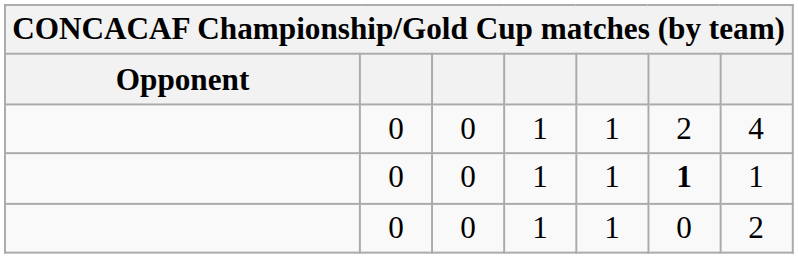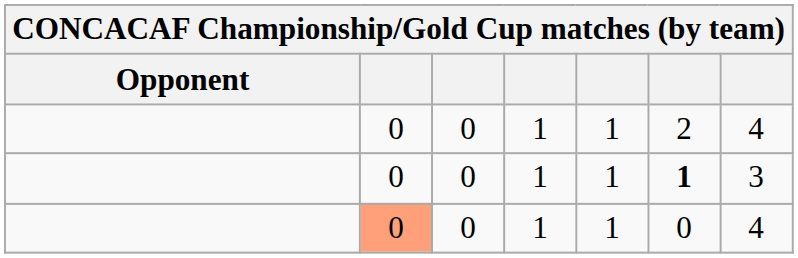 <table class="wikitable sortable" style="text-align: center;">
 <tr>
 <th colspan=7>CONCACAF Championship/Gold Cup matches (by team)</th>
 </tr>
 <tr>
 <th>Opponent</th>
 <th></th>
 <th></th>
 <th></th>
 <th></th>
 <th></th>
 <th></th>
 </tr>
 <tr>
 <td align="left"></td>
 <td>0</td>
 <td>0</td>
 <td>1</td>
 <td>1</td>
 <td>2</td>
 <td>4</td>
 </tr>
 <tr>
 <td align="left"></td>
 <td>0</td>
 <td>0</td>
 <td>1</td>
 <td>1</td>
 <td><strong>1</strong></td>
-<td>1</td>
+<td>3</td>
 </tr>
 <tr>
 <td align="left"></td>
-<td>0</td>
+<td style="background: lightsalmon;">0</td>
 <td>0</td>
 <td>1</td>
 <td>1</td>
 <td>0</td>
-<td>2</td>
+<td>4</td>
 </tr>
 </table>
